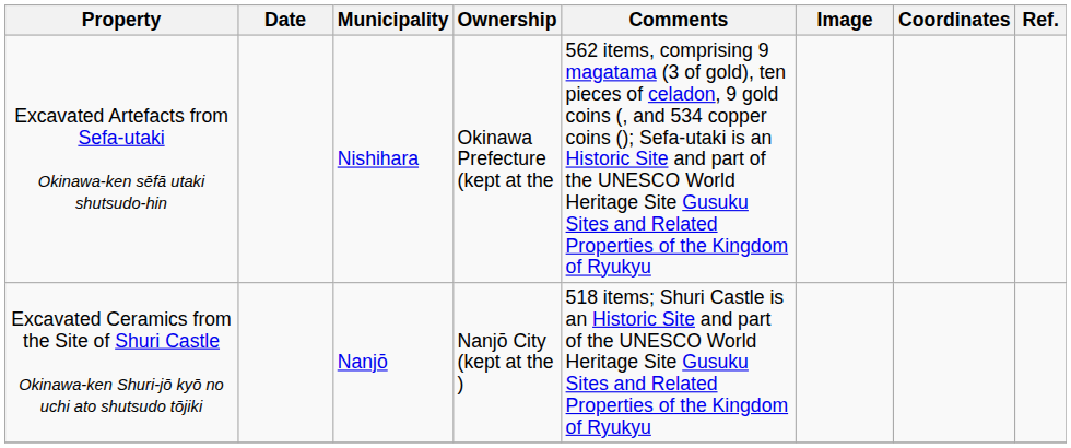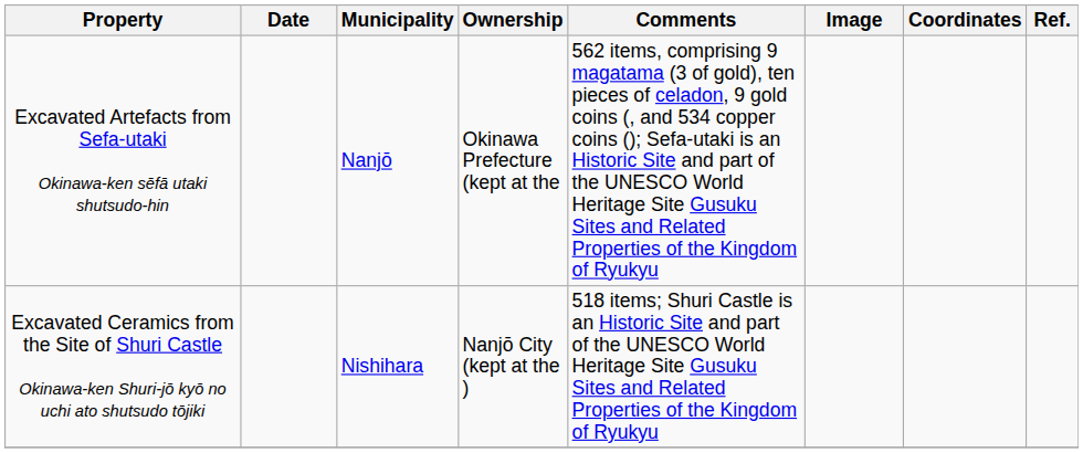 <table class="wikitable sortable"  style="width:100%;">
 <tr>
 <th width="25%" align="left">Property</th>
 <th width="10%" align="left">Date</th>
 <th width="10%" align="left">Municipality</th>
 <th width="10%" align="left">Ownership</th>
 <th width="25%" align="left" class="unsortable">Comments</th>
 <th width="10%" align="left" class="unsortable">Image</th>
 <th width="5%" align="left" class="unsortable">Coordinates</th>
 <th width="5%" align="left" class="unsortable">Ref.</th>
 </tr>
 <tr>
 <td align="center">Excavated Artefacts from <a href='#'>Sefa-utaki</a><br><br><small><em>Okinawa-ken sēfā utaki shutsudo-hin</em></small></td>
 <td></td>
-<td><a href='#'>Nishihara</a></td>
+<td><a href='#'>Nanjō</a></td>
 <td>Okinawa Prefecture<br>(kept at the </td>
 <td>562 items, comprising 9 <a href='#'>magatama</a> (3 of gold), ten pieces of <a href='#'>celadon</a>, 9 gold coins (, and 534 copper coins (); Sefa-utaki is an <a href='#'>Historic Site</a> and part of the UNESCO World Heritage Site <a href='#'>Gusuku Sites and Related Properties of the Kingdom of Ryukyu</a></td>
 <td></td>
 <td></td>
 <td></td>
 </tr>
 <tr>
 <td align="center">Excavated Ceramics from the Site of <a href='#'>Shuri Castle</a><br><br><small><em>Okinawa-ken Shuri-jō kyō no uchi ato shutsudo tōjiki</em></small></td>
 <td></td>
-<td><a href='#'>Nanjō</a></td>
+<td><a href='#'>Nishihara</a></td>
 <td>Nanjō City<br>(kept at the )</td>
 <td>518 items; Shuri Castle is an <a href='#'>Historic Site</a> and part of the UNESCO World Heritage Site <a href='#'>Gusuku Sites and Related Properties of the Kingdom of Ryukyu</a></td>
 <td></td>
 <td></td>
 <td></td>
 </tr>
 <tr>
 </tr>
 </table>
